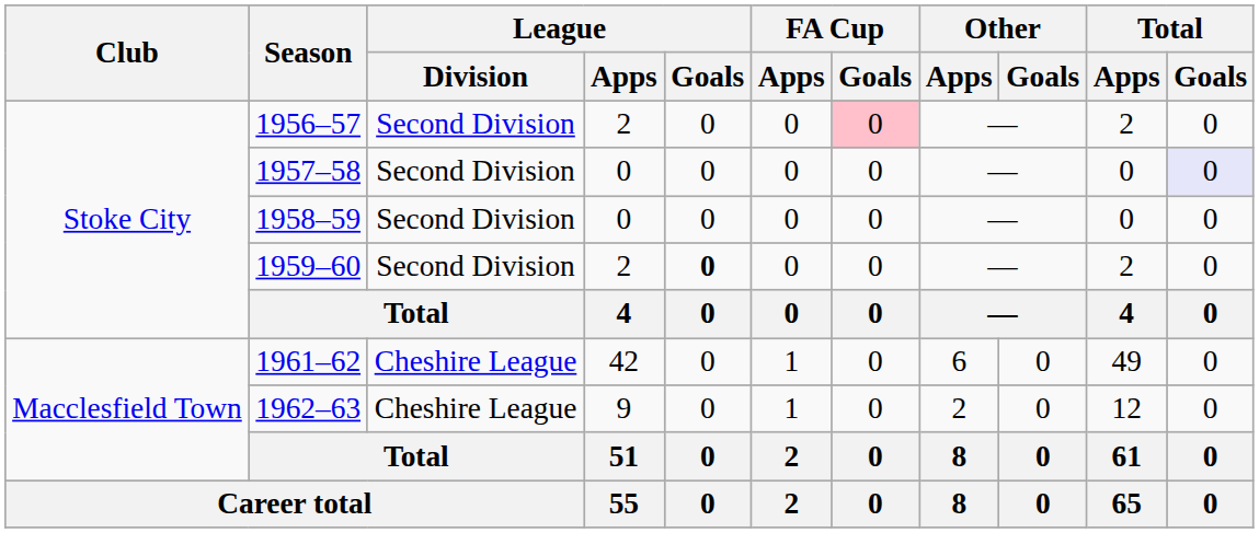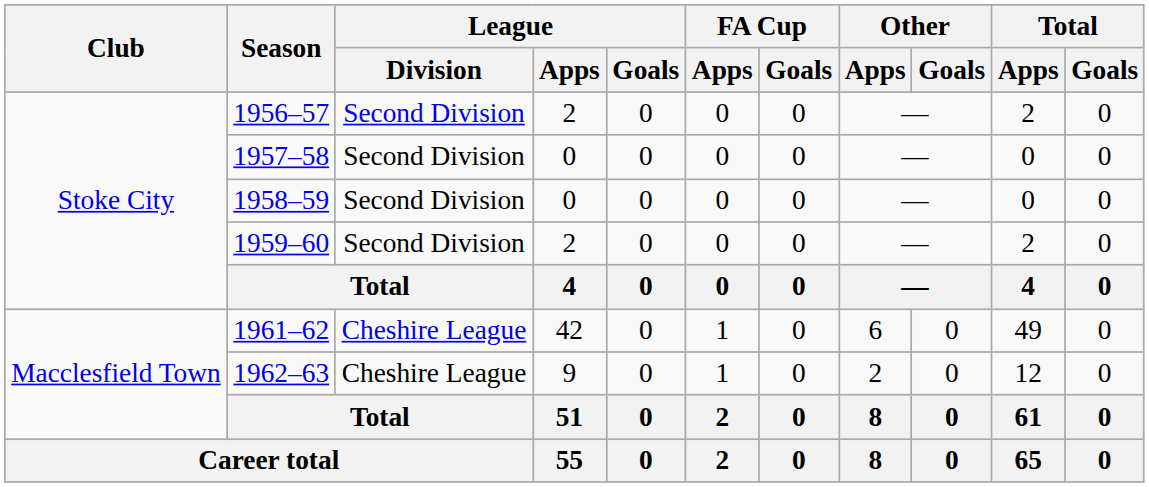 <table class="wikitable" style="text-align:center">
 <tr>
 <th rowspan="2">Club</th>
 <th rowspan="2">Season</th>
 <th colspan="3">League</th>
 <th colspan="2">FA Cup</th>
 <th colspan="2">Other</th>
 <th colspan="2">Total</th>
 </tr>
 <tr>
 <th>Division</th>
 <th>Apps</th>
 <th>Goals</th>
 <th>Apps</th>
 <th>Goals</th>
 <th>Apps</th>
 <th>Goals</th>
 <th>Apps</th>
 <th>Goals</th>
 </tr>
 <tr>
 <td rowspan="5"><a href='#'>Stoke City</a></td>
 <td><a href='#'>1956–57</a></td>
 <td><a href='#'>Second Division</a></td>
 <td>2</td>
 <td>0</td>
 <td>0</td>
-<td style="background: pink;">0</td>
+<td>0</td>
 <td colspan="2">—</td>
 <td>2</td>
 <td>0</td>
 </tr>
 <tr>
 <td><a href='#'>1957–58</a></td>
 <td>Second Division</td>
 <td>0</td>
 <td>0</td>
 <td>0</td>
 <td>0</td>
 <td colspan="2">—</td>
 <td>0</td>
-<td style="background: lavender;">0</td>
+<td>0</td>
 </tr>
 <tr>
 <td><a href='#'>1958–59</a></td>
 <td>Second Division</td>
 <td>0</td>
 <td>0</td>
 <td>0</td>
 <td>0</td>
 <td colspan="2">—</td>
 <td>0</td>
 <td>0</td>
 </tr>
 <tr>
 <td><a href='#'>1959–60</a></td>
 <td>Second Division</td>
 <td>2</td>
-<td><strong>0</strong></td>
+<td>0</td>
 <td>0</td>
 <td>0</td>
 <td colspan="2">—</td>
 <td>2</td>
 <td>0</td>
 </tr>
 <tr>
 <th colspan="2">Total</th>
 <th>4</th>
 <th>0</th>
 <th>0</th>
 <th>0</th>
 <th colspan="2">—</th>
 <th>4</th>
 <th>0</th>
 </tr>
 <tr>
 <td rowspan="3"><a href='#'>Macclesfield Town</a></td>
 <td><a href='#'>1961–62</a></td>
 <td><a href='#'>Cheshire League</a></td>
 <td>42</td>
 <td>0</td>
 <td>1</td>
 <td>0</td>
 <td>6</td>
 <td>0</td>
 <td>49</td>
 <td>0</td>
 </tr>
 <tr>
 <td><a href='#'>1962–63</a></td>
 <td>Cheshire League</td>
 <td>9</td>
 <td>0</td>
 <td>1</td>
 <td>0</td>
 <td>2</td>
 <td>0</td>
 <td>12</td>
 <td>0</td>
 </tr>
 <tr>
 <th colspan="2">Total</th>
 <th>51</th>
 <th>0</th>
 <th>2</th>
 <th>0</th>
 <th>8</th>
 <th>0</th>
 <th>61</th>
 <th>0</th>
 </tr>
 <tr>
 <th colspan="3">Career total</th>
 <th>55</th>
 <th>0</th>
 <th>2</th>
 <th>0</th>
 <th>8</th>
 <th>0</th>
 <th>65</th>
 <th>0</th>
 </tr>
 </table>
